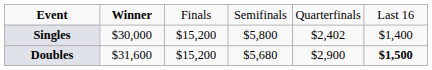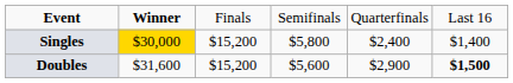 <table class=wikitable style="font-size:90%;text-align:center">
 <tr>
 <td style="width:104px;"><strong>Event</strong></td>
 <td style="width:68px;"><strong>Winner</strong></td>
 <td style="width:68px;">Finals</td>
 <td style="width:68px;">Semifinals</td>
 <td style="width:68px;">Quarterfinals</td>
 <td style="width:68px;">Last 16</td>
 </tr>
 <tr>
 <td style="background:#dfe2e9;"><strong>Singles</strong></td>
-<td>$30,000</td>
+<td style="background: gold;">$30,000</td>
 <td>$15,200</td>
 <td>$5,800</td>
-<td>$2,402</td>
+<td>$2,400</td>
 <td>$1,400</td>
 </tr>
 <tr>
 <td style="background:#dfe2e9;"><strong>Doubles</strong></td>
 <td>$31,600</td>
 <td>$15,200</td>
-<td>$5,680</td>
+<td>$5,600</td>
 <td>$2,900</td>
 <td><strong>$1,500</strong></td>
 </tr>
 </table>
